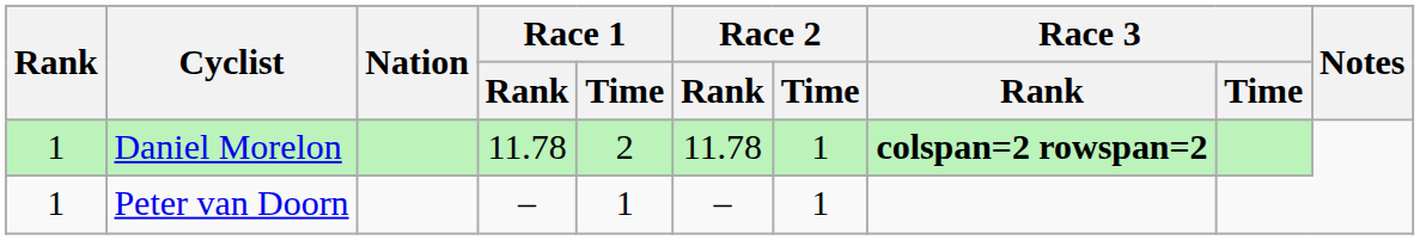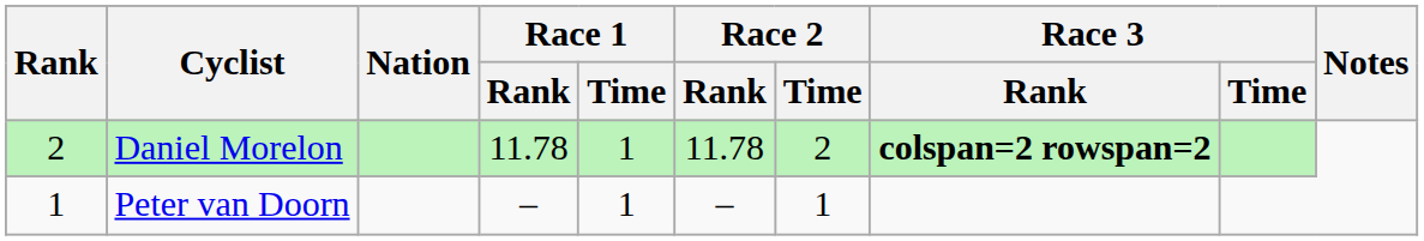 <table class="wikitable sortable" style="text-align:center">
 <tr>
 <th rowspan=2>Rank</th>
 <th rowspan=2>Cyclist</th>
 <th rowspan=2>Nation</th>
 <th colspan=2>Race 1</th>
 <th colspan=2>Race 2</th>
 <th colspan=2>Race 3</th>
 <th rowspan=2>Notes</th>
 </tr>
 <tr>
 <th>Rank</th>
 <th>Time</th>
 <th>Rank</th>
 <th>Time</th>
 <th>Rank</th>
 <th>Time</th>
 </tr>
 <tr bgcolor=bbf3bb>
-<td>1</td>
+<td>2</td>
 <td align=left data-sort-value="Morelon, Daniel"><a href='#'>Daniel Morelon</a></td>
 <td align=left></td>
 <td>11.78</td>
+<td>1</td>
+<td>11.78</td>
 <td>2</td>
-<td>11.78</td>
-<td>1</td>
 <td><strong>colspan=2 rowspan=2 </strong></td>
 <td></td>
 </tr>
 <tr>
 <td>1</td>
 <td align=left data-sort-value="Doorn, Peter van"><a href='#'>Peter van Doorn</a></td>
 <td align=left></td>
 <td>–</td>
 <td>1</td>
 <td>–</td>
 <td>1</td>
 <td></td>
 </tr>
 </table>
